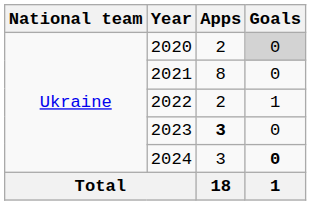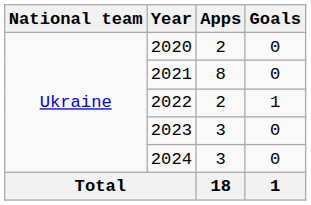 <table class="wikitable" style="text-align:center">
 <tr>
 <th>National team</th>
 <th>Year</th>
 <th>Apps</th>
 <th>Goals</th>
 </tr>
 <tr>
 <td rowspan="5"><a href='#'>Ukraine</a></td>
 <td>2020</td>
 <td>2</td>
-<td style="background: lightgrey;">0</td>
+<td>0</td>
 </tr>
 <tr>
 <td>2021</td>
 <td>8</td>
 <td>0</td>
 </tr>
 <tr>
 <td>2022</td>
 <td>2</td>
 <td>1</td>
 </tr>
 <tr>
 <td>2023</td>
-<td><strong>3</strong></td>
+<td>3</td>
 <td>0</td>
 </tr>
 <tr>
 <td>2024</td>
 <td>3</td>
-<td><strong>0</strong></td>
+<td>0</td>
 </tr>
 <tr>
 <th colspan="2">Total</th>
 <th>18</th>
 <th>1</th>
 </tr>
 </table>
